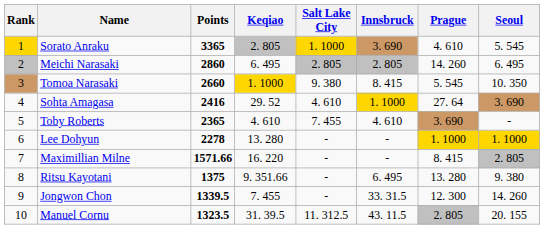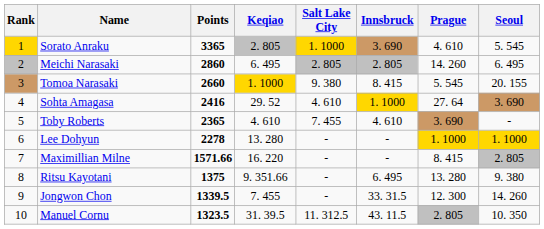 <table class="wikitable sortable">
 <tr>
 <th>Rank</th>
 <th width = "200">Name</th>
 <th>Points</th>
 <th width = "75" data-sort-type="number"><a href='#'>Keqiao</a></th>
 <th width = "75" data-sort-type="number"><a href='#'>Salt Lake City</a></th>
 <th width = "75" data-sort-type="number"><a href='#'>Innsbruck</a></th>
 <th width = "75" data-sort-type="number"><a href='#'>Prague</a></th>
 <th width = "75" data-sort-type="number"><a href='#'>Seoul</a></th>
 </tr>
 <tr>
 <td align="center" style="background: gold">1</td>
 <td> <a href='#'>Sorato Anraku</a></td>
 <td align="center"><strong>3365</strong></td>
 <td align="center" style="background: silver">2. 805</td>
 <td align="center" style="background: gold">1. 1000</td>
 <td align="center" style="background: #cc9966">3. 690</td>
 <td align="center">4. 610</td>
 <td align="center">5. 545</td>
 </tr>
 <tr>
 <td align="center" style="background: silver">2</td>
 <td> <a href='#'>Meichi Narasaki</a></td>
 <td align="center"><strong>2860</strong></td>
 <td align="center">6. 495</td>
 <td align="center" style="background: silver">2. 805</td>
 <td align="center" style="background: silver">2. 805</td>
 <td align="center">14. 260</td>
 <td align="center">6. 495</td>
 </tr>
 <tr>
 <td align="center" style="background: #cc9966">3</td>
 <td> <a href='#'>Tomoa Narasaki</a></td>
 <td align="center"><strong>2660</strong></td>
 <td align="center" style="background: gold">1. 1000</td>
 <td align="center">9. 380</td>
 <td align="center">8. 415</td>
 <td align="center">5. 545</td>
-<td align="center">10. 350</td>
+<td align="center">20. 155</td>
 </tr>
 <tr>
 <td align="center">4</td>
 <td> <a href='#'>Sohta Amagasa</a></td>
 <td align="center"><strong>2416</strong></td>
 <td align="center">29. 52</td>
 <td align="center">4. 610</td>
 <td align="center" style="background: gold">1. 1000</td>
 <td align="center">27. 64</td>
 <td align="center" style="background: #cc9966">3. 690</td>
 </tr>
 <tr>
 <td align="center">5</td>
 <td> <a href='#'>Toby Roberts</a></td>
 <td align="center"><strong>2365</strong></td>
 <td align="center">4. 610</td>
 <td align="center">7. 455</td>
 <td align="center">4. 610</td>
 <td align="center" style="background: #cc9966">3. 690</td>
 <td align="center">-</td>
 </tr>
 <tr>
 <td align="center">6</td>
 <td> <a href='#'>Lee Dohyun</a></td>
 <td align="center"><strong>2278</strong></td>
 <td align="center">13. 280</td>
 <td align="center">-</td>
 <td align="center">-</td>
 <td align="center" style="background: gold">1. 1000</td>
 <td align="center" style="background: gold">1. 1000</td>
 </tr>
 <tr>
 <td align="center">7</td>
 <td> <a href='#'>Maximillian Milne</a></td>
 <td align="center"><strong>1571.66</strong></td>
 <td align="center">16. 220</td>
 <td align="center">-</td>
 <td align="center">-</td>
 <td align="center">8. 415</td>
 <td align="center" style="background: silver">2. 805</td>
 </tr>
 <tr>
 <td align="center">8</td>
 <td> <a href='#'>Ritsu Kayotani</a></td>
 <td align="center"><strong>1375</strong></td>
 <td align="center">9. 351.66</td>
 <td align="center">-</td>
 <td align="center">6. 495</td>
 <td align="center">13. 280</td>
 <td align="center">9. 380</td>
 </tr>
 <tr>
 <td align="center">9</td>
 <td> <a href='#'>Jongwon Chon</a></td>
 <td align="center"><strong>1339.5</strong></td>
 <td align="center">7. 455</td>
 <td align="center">-</td>
 <td align="center">33. 31.5</td>
 <td align="center">12. 300</td>
 <td align="center">14. 260</td>
 </tr>
 <tr>
 <td align="center">10</td>
 <td> <a href='#'>Manuel Cornu</a></td>
 <td align="center"><strong>1323.5</strong></td>
 <td align="center">31. 39.5</td>
 <td align="center">11. 312.5</td>
 <td align="center">43. 11.5</td>
 <td align="center" style="background: silver">2. 805</td>
-<td align="center">20. 155</td>
+<td align="center">10. 350</td>
 </tr>
 </table>
